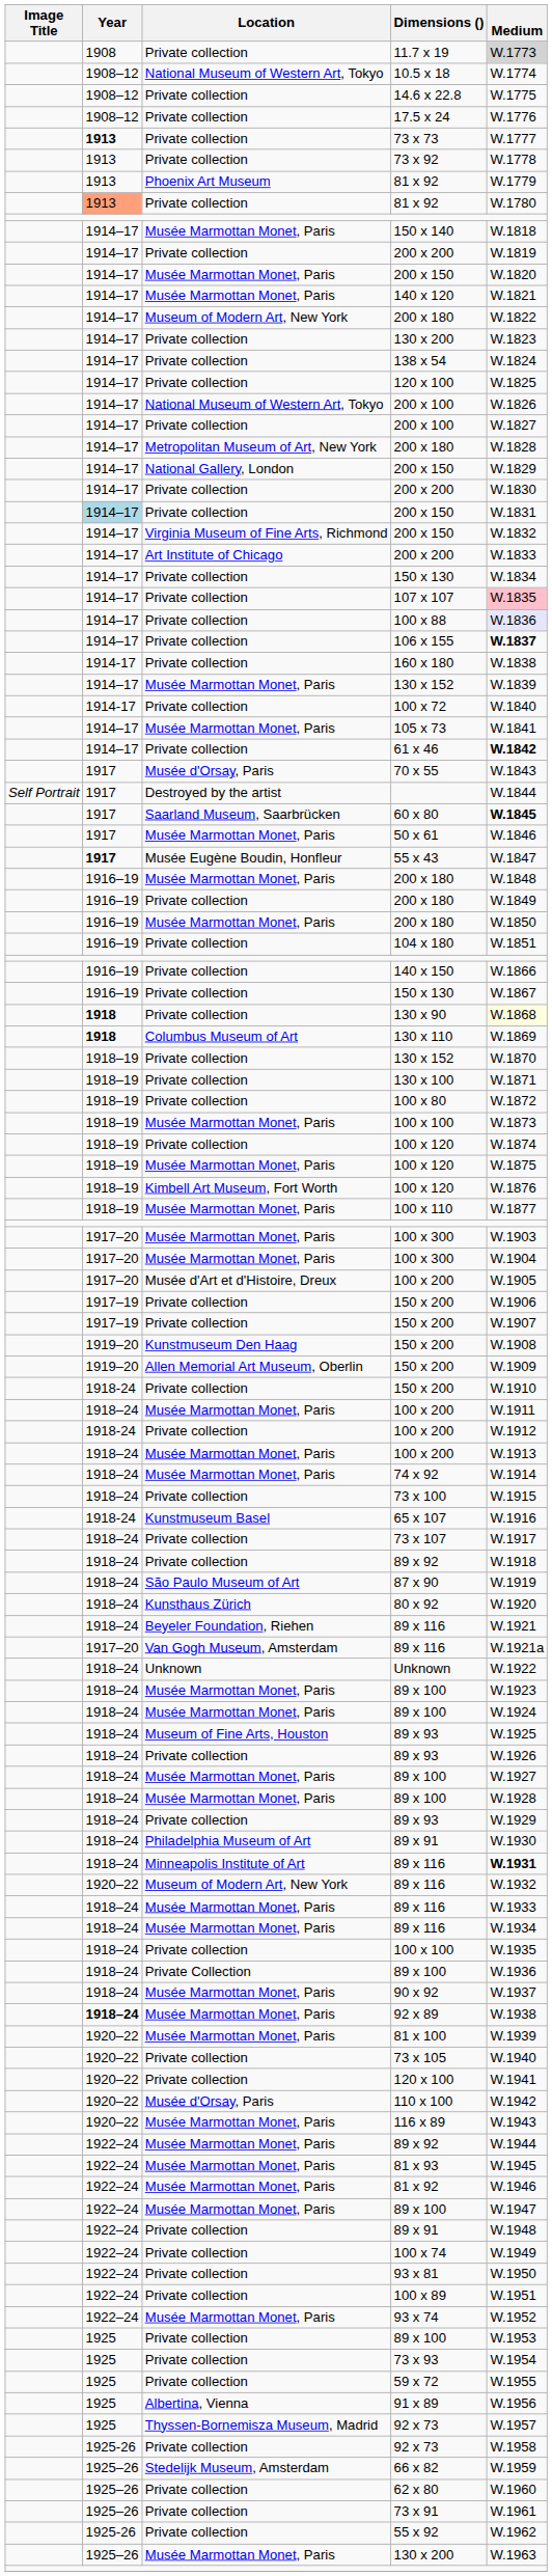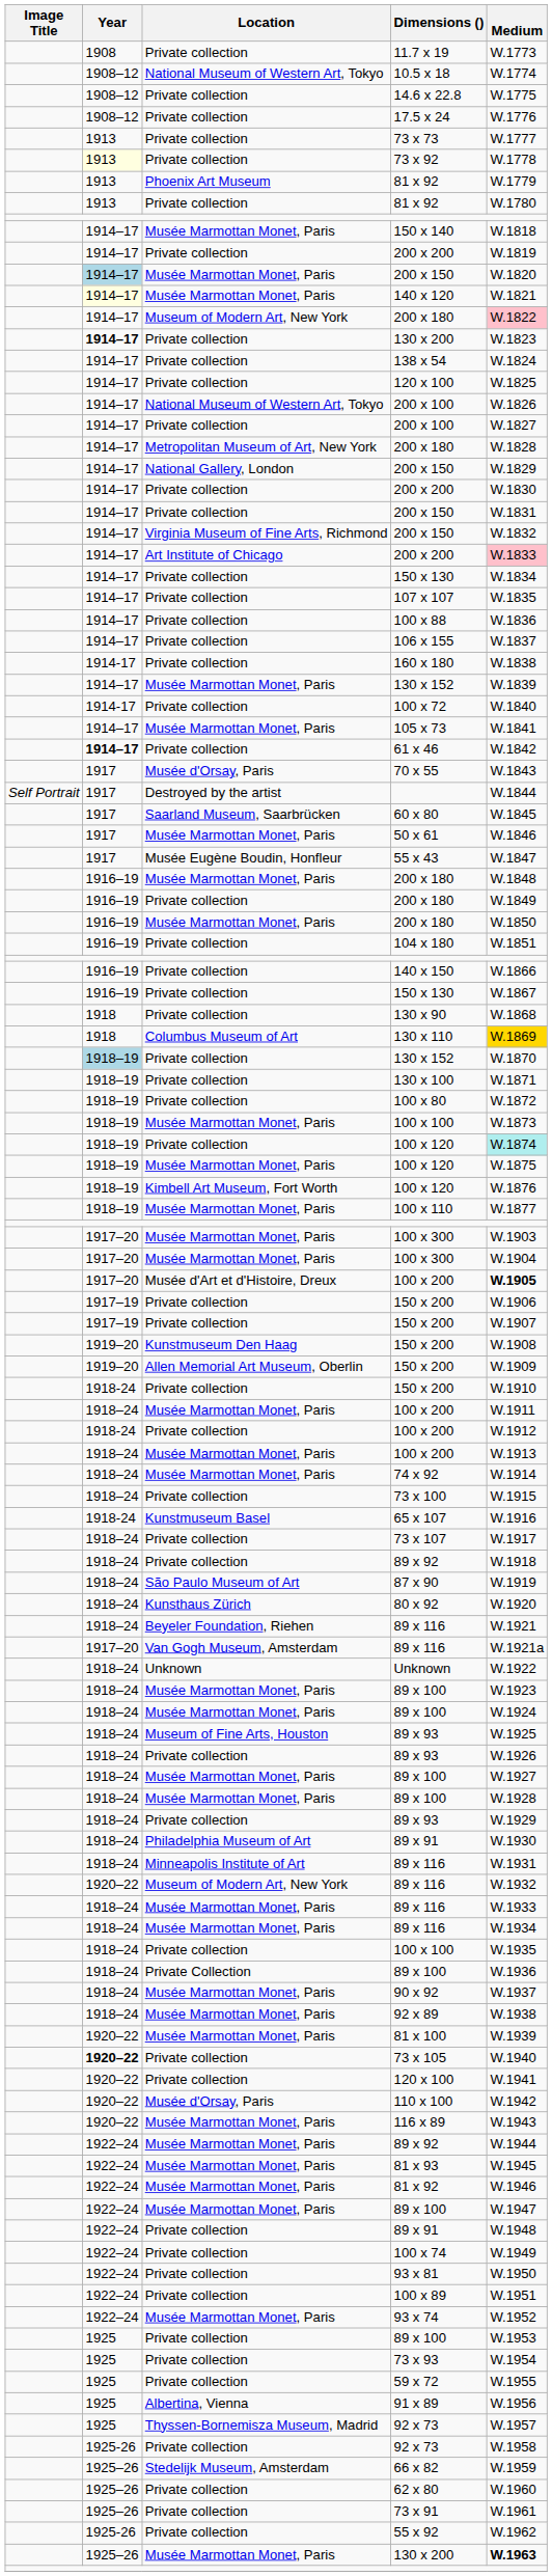 <table class="sortable wikitable" style="margin-left:0.5em; text-align:left">
 <tr>
 <th>Image<br>Title</th>
 <th>Year</th>
 <th>Location</th>
 <th>Dimensions ()</th>
 <th><br>Medium</th>
 </tr>
 <tr>
 <td></td>
 <td>1908</td>
 <td>Private collection</td>
 <td>11.7 x 19</td>
-<td style="background: lightgrey;">W.1773</td>
+<td>W.1773</td>
 </tr>
 <tr>
 <td></td>
 <td>1908–12</td>
 <td><a href='#'>National Museum of Western Art</a>, Tokyo</td>
 <td>10.5 x 18</td>
 <td>W.1774</td>
 </tr>
 <tr>
 <td></td>
 <td>1908–12</td>
 <td>Private collection</td>
 <td>14.6 x 22.8</td>
 <td>W.1775</td>
 </tr>
 <tr>
 <td></td>
 <td>1908–12</td>
 <td>Private collection</td>
 <td>17.5 x 24</td>
 <td>W.1776</td>
 </tr>
 <tr>
 <td></td>
-<td><strong>1913</strong></td>
+<td>1913</td>
 <td>Private collection</td>
 <td>73 x 73</td>
 <td>W.1777</td>
 </tr>
 <tr>
 <td></td>
-<td>1913</td>
+<td style="background: lightyellow;">1913</td>
 <td>Private collection</td>
 <td>73 x 92</td>
 <td>W.1778</td>
 </tr>
 <tr>
 <td></td>
 <td>1913</td>
 <td><a href='#'>Phoenix Art Museum</a></td>
 <td>81 x 92</td>
 <td>W.1779</td>
 </tr>
 <tr>
 <td></td>
-<td style="background: lightsalmon;">1913</td>
+<td>1913</td>
 <td>Private collection</td>
 <td>81 x 92</td>
 <td>W.1780</td>
 </tr>
 <tr>
 <td colspan="6"></td>
 </tr>
 <tr>
 <td></td>
 <td>1914–17</td>
 <td><a href='#'>Musée Marmottan Monet</a>, Paris</td>
 <td>150 x 140</td>
 <td>W.1818</td>
 </tr>
 <tr>
 <td></td>
 <td>1914–17</td>
 <td>Private collection</td>
 <td>200 x 200</td>
 <td>W.1819</td>
 </tr>
 <tr>
 <td></td>
-<td>1914–17</td>
+<td style="background: lightblue;">1914–17</td>
 <td><a href='#'>Musée Marmottan Monet</a>, Paris</td>
 <td>200 x 150</td>
 <td>W.1820</td>
 </tr>
 <tr>
 <td></td>
-<td>1914–17</td>
+<td style="background: lightyellow;">1914–17</td>
 <td><a href='#'>Musée Marmottan Monet</a>, Paris</td>
 <td>140 x 120</td>
 <td>W.1821</td>
 </tr>
 <tr>
 <td></td>
 <td>1914–17</td>
 <td><a href='#'>Museum of Modern Art</a>, New York</td>
 <td>200 x 180</td>
-<td>W.1822</td>
+<td style="background: pink;">W.1822</td>
 </tr>
 <tr>
 <td></td>
-<td>1914–17</td>
+<td><strong>1914–17</strong></td>
 <td>Private collection</td>
 <td>130 x 200</td>
 <td>W.1823</td>
 </tr>
 <tr>
 <td></td>
 <td>1914–17</td>
 <td>Private collection</td>
 <td>138 x 54</td>
 <td>W.1824</td>
 </tr>
 <tr>
 <td></td>
 <td>1914–17</td>
 <td>Private collection</td>
 <td>120 x 100</td>
 <td>W.1825</td>
 </tr>
 <tr>
 <td></td>
 <td>1914–17</td>
 <td><a href='#'>National Museum of Western Art</a>, Tokyo</td>
 <td>200 x 100</td>
 <td>W.1826</td>
 </tr>
 <tr>
 <td></td>
 <td>1914–17</td>
 <td>Private collection</td>
 <td>200 x 100</td>
 <td>W.1827</td>
 </tr>
 <tr>
 <td></td>
 <td>1914–17</td>
 <td><a href='#'>Metropolitan Museum of Art</a>, New York</td>
 <td>200 x 180</td>
 <td>W.1828</td>
 </tr>
 <tr>
 <td></td>
 <td>1914–17</td>
 <td><a href='#'>National Gallery</a>, London</td>
 <td>200 x 150</td>
 <td>W.1829</td>
 </tr>
 <tr>
 <td></td>
 <td>1914–17</td>
 <td>Private collection</td>
 <td>200 x 200</td>
 <td>W.1830</td>
 </tr>
 <tr>
 <td></td>
-<td style="background: lightblue;">1914–17</td>
+<td>1914–17</td>
 <td>Private collection</td>
 <td>200 x 150</td>
 <td>W.1831</td>
 </tr>
 <tr>
 <td></td>
 <td>1914–17</td>
 <td><a href='#'>Virginia Museum of Fine Arts</a>, Richmond</td>
 <td>200 x 150</td>
 <td>W.1832</td>
 </tr>
 <tr>
 <td></td>
 <td>1914–17</td>
 <td><a href='#'>Art Institute of Chicago</a></td>
 <td>200 x 200</td>
-<td>W.1833</td>
+<td style="background: pink;">W.1833</td>
 </tr>
 <tr>
 <td></td>
 <td>1914–17</td>
 <td>Private collection</td>
 <td>150 x 130</td>
 <td>W.1834</td>
 </tr>
 <tr>
 <td></td>
 <td>1914–17</td>
 <td>Private collection</td>
 <td>107 x 107</td>
-<td style="background: pink;">W.1835</td>
+<td>W.1835</td>
 </tr>
 <tr>
 <td></td>
 <td>1914–17</td>
 <td>Private collection</td>
 <td>100 x 88</td>
-<td style="background: lavender;">W.1836</td>
+<td>W.1836</td>
 </tr>
 <tr>
 <td></td>
 <td>1914–17</td>
 <td>Private collection</td>
 <td>106 x 155</td>
-<td><strong>W.1837</strong></td>
+<td>W.1837</td>
 </tr>
 <tr>
 <td></td>
 <td>1914-17</td>
 <td>Private collection</td>
 <td>160 x 180</td>
 <td>W.1838</td>
 </tr>
 <tr>
 <td></td>
 <td>1914–17</td>
 <td><a href='#'>Musée Marmottan Monet</a>, Paris</td>
 <td>130 x 152</td>
 <td>W.1839</td>
 </tr>
 <tr>
 <td></td>
 <td>1914-17</td>
 <td>Private collection</td>
 <td>100 x 72</td>
 <td>W.1840</td>
 </tr>
 <tr>
 <td></td>
 <td>1914–17</td>
 <td><a href='#'>Musée Marmottan Monet</a>, Paris</td>
 <td>105 x 73</td>
 <td>W.1841</td>
 </tr>
 <tr>
 <td></td>
-<td>1914–17</td>
+<td><strong>1914–17</strong></td>
 <td>Private collection</td>
 <td>61 x 46</td>
-<td><strong>W.1842</strong></td>
+<td>W.1842</td>
 </tr>
 <tr>
 <td></td>
 <td>1917</td>
 <td><a href='#'>Musée d'Orsay</a>, Paris</td>
 <td>70 x 55</td>
 <td>W.1843</td>
 </tr>
 <tr>
 <td><em>Self Portrait</em></td>
 <td>1917</td>
 <td>Destroyed by the artist</td>
 <td></td>
 <td>W.1844</td>
 </tr>
 <tr>
 <td></td>
 <td>1917</td>
 <td><a href='#'>Saarland Museum</a>, Saarbrücken</td>
 <td>60 x 80</td>
-<td><strong>W.1845</strong></td>
+<td>W.1845</td>
 </tr>
 <tr>
 <td></td>
 <td>1917</td>
 <td><a href='#'>Musée Marmottan Monet</a>, Paris</td>
 <td>50 x 61</td>
 <td>W.1846</td>
 </tr>
 <tr>
 <td></td>
-<td><strong>1917</strong></td>
+<td>1917</td>
 <td>Musée Eugène Boudin, Honfleur</td>
 <td>55 x 43</td>
 <td>W.1847</td>
 </tr>
 <tr>
 <td></td>
 <td>1916–19</td>
 <td><a href='#'>Musée Marmottan Monet</a>, Paris</td>
 <td>200 x 180</td>
 <td>W.1848</td>
 </tr>
 <tr>
 <td></td>
 <td>1916–19</td>
 <td>Private collection</td>
 <td>200 x 180</td>
 <td>W.1849</td>
 </tr>
 <tr>
 <td></td>
 <td>1916–19</td>
 <td><a href='#'>Musée Marmottan Monet</a>, Paris</td>
 <td>200 x 180</td>
 <td>W.1850</td>
 </tr>
 <tr>
 <td></td>
 <td>1916–19</td>
 <td>Private collection</td>
 <td>104 x 180</td>
 <td>W.1851</td>
 </tr>
 <tr>
 <td colspan="6"></td>
 </tr>
 <tr>
 <td></td>
 <td>1916–19</td>
 <td>Private collection</td>
 <td>140 x 150</td>
 <td>W.1866</td>
 </tr>
 <tr>
 <td></td>
 <td>1916–19</td>
 <td>Private collection</td>
 <td>150 x 130</td>
 <td>W.1867</td>
 </tr>
 <tr>
 <td></td>
-<td><strong>1918</strong></td>
+<td>1918</td>
 <td>Private collection</td>
 <td>130 x 90</td>
-<td style="background: lightyellow;">W.1868</td>
+<td>W.1868</td>
 </tr>
 <tr>
 <td></td>
-<td><strong>1918</strong></td>
+<td>1918</td>
 <td><a href='#'>Columbus Museum of Art</a></td>
 <td>130 x 110</td>
-<td>W.1869</td>
+<td style="background: gold;">W.1869</td>
 </tr>
 <tr>
 <td></td>
-<td>1918–19</td>
+<td style="background: lightblue;">1918–19</td>
 <td>Private collection</td>
 <td>130 x 152</td>
 <td>W.1870</td>
 </tr>
 <tr>
 <td></td>
 <td>1918–19</td>
 <td>Private collection</td>
 <td>130 x 100</td>
 <td>W.1871</td>
 </tr>
 <tr>
 <td></td>
 <td>1918–19</td>
 <td>Private collection</td>
 <td>100 x 80</td>
 <td>W.1872</td>
 </tr>
 <tr>
 <td></td>
 <td>1918–19</td>
 <td><a href='#'>Musée Marmottan Monet</a>, Paris</td>
 <td>100 x 100</td>
 <td>W.1873</td>
 </tr>
 <tr>
 <td></td>
 <td>1918–19</td>
 <td>Private collection</td>
 <td>100 x 120</td>
-<td>W.1874</td>
+<td style="background: paleturquoise;">W.1874</td>
 </tr>
 <tr>
 <td></td>
 <td>1918–19</td>
 <td><a href='#'>Musée Marmottan Monet</a>, Paris</td>
 <td>100 x 120</td>
 <td>W.1875</td>
 </tr>
 <tr>
 <td></td>
 <td>1918–19</td>
 <td><a href='#'>Kimbell Art Museum</a>, Fort Worth</td>
 <td>100 x 120</td>
 <td>W.1876</td>
 </tr>
 <tr>
 <td></td>
 <td>1918–19</td>
 <td><a href='#'>Musée Marmottan Monet</a>, Paris</td>
 <td>100 x 110</td>
 <td>W.1877</td>
 </tr>
 <tr>
 <td colspan="6"></td>
 </tr>
 <tr>
 <td></td>
 <td>1917–20</td>
 <td><a href='#'>Musée Marmottan Monet</a>, Paris</td>
 <td>100 x 300</td>
 <td>W.1903</td>
 </tr>
 <tr>
 <td></td>
 <td>1917–20</td>
 <td><a href='#'>Musée Marmottan Monet</a>, Paris</td>
 <td>100 x 300</td>
 <td>W.1904</td>
 </tr>
 <tr>
 <td></td>
 <td>1917–20</td>
 <td>Musée d'Art et d'Histoire, Dreux</td>
 <td>100 x 200</td>
-<td>W.1905</td>
+<td><strong>W.1905</strong></td>
 </tr>
 <tr>
 <td></td>
 <td>1917–19</td>
 <td>Private collection</td>
 <td>150 x 200</td>
 <td>W.1906</td>
 </tr>
 <tr>
 <td></td>
 <td>1917–19</td>
 <td>Private collection</td>
 <td>150 x 200</td>
 <td>W.1907</td>
 </tr>
 <tr>
 <td></td>
 <td>1919–20</td>
 <td><a href='#'>Kunstmuseum Den Haag</a></td>
 <td>150 x 200</td>
 <td>W.1908</td>
 </tr>
 <tr>
 <td></td>
 <td>1919–20</td>
 <td><a href='#'>Allen Memorial Art Museum</a>, Oberlin</td>
 <td>150 x 200</td>
 <td>W.1909</td>
 </tr>
 <tr>
 <td></td>
 <td>1918-24</td>
 <td>Private collection</td>
 <td>150 x 200</td>
 <td>W.1910</td>
 </tr>
 <tr>
 <td></td>
 <td>1918–24</td>
 <td><a href='#'>Musée Marmottan Monet</a>, Paris</td>
 <td>100 x 200</td>
 <td>W.1911</td>
 </tr>
 <tr>
 <td></td>
 <td>1918-24</td>
 <td>Private collection</td>
 <td>100 x 200</td>
 <td>W.1912</td>
 </tr>
 <tr>
 <td></td>
 <td>1918–24</td>
 <td><a href='#'>Musée Marmottan Monet</a>, Paris</td>
 <td>100 x 200</td>
 <td>W.1913</td>
 </tr>
 <tr>
 <td></td>
 <td>1918–24</td>
 <td><a href='#'>Musée Marmottan Monet</a>, Paris</td>
 <td>74 x 92</td>
 <td>W.1914</td>
 </tr>
 <tr>
 <td></td>
 <td>1918–24</td>
 <td>Private collection</td>
 <td>73 x 100</td>
 <td>W.1915</td>
 </tr>
 <tr>
 <td></td>
 <td>1918-24</td>
 <td><a href='#'>Kunstmuseum Basel</a></td>
 <td>65 x 107</td>
 <td>W.1916</td>
 </tr>
 <tr>
 <td></td>
 <td>1918–24</td>
 <td>Private collection</td>
 <td>73 x 107</td>
 <td>W.1917</td>
 </tr>
 <tr>
 <td></td>
 <td>1918–24</td>
 <td>Private collection</td>
 <td>89 x 92</td>
 <td>W.1918</td>
 </tr>
 <tr>
 <td></td>
 <td>1918–24</td>
 <td><a href='#'>São Paulo Museum of Art</a></td>
 <td>87 x 90</td>
 <td>W.1919</td>
 </tr>
 <tr>
 <td></td>
 <td>1918–24</td>
 <td><a href='#'>Kunsthaus Zürich</a></td>
 <td>80 x 92</td>
 <td>W.1920</td>
 </tr>
 <tr>
 <td></td>
 <td>1918–24</td>
 <td><a href='#'>Beyeler Foundation</a>, Riehen</td>
 <td>89 x 116</td>
 <td>W.1921</td>
 </tr>
 <tr>
 <td></td>
 <td>1917–20</td>
 <td><a href='#'>Van Gogh Museum</a>, Amsterdam</td>
 <td>89 x 116</td>
 <td>W.1921a</td>
 </tr>
 <tr>
 <td></td>
 <td>1918–24</td>
 <td>Unknown</td>
 <td>Unknown</td>
 <td>W.1922</td>
 </tr>
 <tr>
 <td></td>
 <td>1918–24</td>
 <td><a href='#'>Musée Marmottan Monet</a>, Paris</td>
 <td>89 x 100</td>
 <td>W.1923</td>
 </tr>
 <tr>
 <td></td>
 <td>1918–24</td>
 <td><a href='#'>Musée Marmottan Monet</a>, Paris</td>
 <td>89 x 100</td>
 <td>W.1924</td>
 </tr>
 <tr>
 <td></td>
 <td>1918–24</td>
 <td><a href='#'>Museum of Fine Arts, Houston</a></td>
 <td>89 x 93</td>
 <td>W.1925</td>
 </tr>
 <tr>
 <td></td>
 <td>1918–24</td>
 <td>Private collection</td>
 <td>89 x 93</td>
 <td>W.1926</td>
 </tr>
 <tr>
 <td></td>
 <td>1918–24</td>
 <td><a href='#'>Musée Marmottan Monet</a>, Paris</td>
 <td>89 x 100</td>
 <td>W.1927</td>
 </tr>
 <tr>
 <td></td>
 <td>1918–24</td>
 <td><a href='#'>Musée Marmottan Monet</a>, Paris</td>
 <td>89 x 100</td>
 <td>W.1928</td>
 </tr>
 <tr>
 <td></td>
 <td>1918–24</td>
 <td>Private collection</td>
 <td>89 x 93</td>
 <td>W.1929</td>
 </tr>
 <tr>
 <td></td>
 <td>1918–24</td>
 <td><a href='#'>Philadelphia Museum of Art</a></td>
 <td>89 x 91</td>
 <td>W.1930</td>
 </tr>
 <tr>
 <td></td>
 <td>1918–24</td>
 <td><a href='#'>Minneapolis Institute of Art</a></td>
 <td>89 x 116</td>
-<td><strong>W.1931</strong></td>
+<td>W.1931</td>
 </tr>
 <tr>
 <td></td>
 <td>1920–22</td>
 <td><a href='#'>Museum of Modern Art</a>, New York</td>
 <td>89 x 116</td>
 <td>W.1932</td>
 </tr>
 <tr>
 <td></td>
 <td>1918–24</td>
 <td><a href='#'>Musée Marmottan Monet</a>, Paris</td>
 <td>89 x 116</td>
 <td>W.1933</td>
 </tr>
 <tr>
 <td></td>
 <td>1918–24</td>
 <td><a href='#'>Musée Marmottan Monet</a>, Paris</td>
 <td>89 x 116</td>
 <td>W.1934</td>
 </tr>
 <tr>
 <td></td>
 <td>1918–24</td>
 <td>Private collection</td>
 <td>100 x 100</td>
 <td>W.1935</td>
 </tr>
 <tr>
 <td></td>
 <td>1918–24</td>
 <td>Private Collection</td>
 <td>89 x 100</td>
 <td>W.1936</td>
 </tr>
 <tr>
 <td></td>
 <td>1918–24</td>
 <td><a href='#'>Musée Marmottan Monet</a>, Paris</td>
 <td>90 x 92</td>
 <td>W.1937</td>
 </tr>
 <tr>
 <td></td>
-<td><strong>1918–24</strong></td>
+<td>1918–24</td>
 <td><a href='#'>Musée Marmottan Monet</a>, Paris</td>
 <td>92 x 89</td>
 <td>W.1938</td>
 </tr>
 <tr>
 <td></td>
 <td>1920–22</td>
 <td><a href='#'>Musée Marmottan Monet</a>, Paris</td>
 <td>81 x 100</td>
 <td>W.1939</td>
 </tr>
 <tr>
 <td></td>
-<td>1920–22</td>
+<td><strong>1920–22</strong></td>
 <td>Private collection</td>
 <td>73 x 105</td>
 <td>W.1940</td>
 </tr>
 <tr>
 <td></td>
 <td>1920–22</td>
 <td>Private collection</td>
 <td>120 x 100</td>
 <td>W.1941</td>
 </tr>
 <tr>
 <td></td>
 <td>1920–22</td>
 <td><a href='#'>Musée d'Orsay</a>, Paris</td>
 <td>110 x 100</td>
 <td>W.1942</td>
 </tr>
 <tr>
 <td></td>
 <td>1920–22</td>
 <td><a href='#'>Musée Marmottan Monet</a>, Paris</td>
 <td>116 x 89</td>
 <td>W.1943</td>
 </tr>
 <tr>
 <td></td>
 <td>1922–24</td>
 <td><a href='#'>Musée Marmottan Monet</a>, Paris</td>
 <td>89 x 92</td>
 <td>W.1944</td>
 </tr>
 <tr>
 <td></td>
 <td>1922–24</td>
 <td><a href='#'>Musée Marmottan Monet</a>, Paris</td>
 <td>81 x 93</td>
 <td>W.1945</td>
 </tr>
 <tr>
 <td></td>
 <td>1922–24</td>
 <td><a href='#'>Musée Marmottan Monet</a>, Paris</td>
 <td>81 x 92</td>
 <td>W.1946</td>
 </tr>
 <tr>
 <td></td>
 <td>1922–24</td>
 <td><a href='#'>Musée Marmottan Monet</a>, Paris</td>
 <td>89 x 100</td>
 <td>W.1947</td>
 </tr>
 <tr>
 <td></td>
 <td>1922–24</td>
 <td>Private collection</td>
 <td>89 x 91</td>
 <td>W.1948</td>
 </tr>
 <tr>
 <td></td>
 <td>1922–24</td>
 <td>Private collection</td>
 <td>100 x 74</td>
 <td>W.1949</td>
 </tr>
 <tr>
 <td></td>
 <td>1922–24</td>
 <td>Private collection</td>
 <td>93 x 81</td>
 <td>W.1950</td>
 </tr>
 <tr>
 <td></td>
 <td>1922–24</td>
 <td>Private collection</td>
 <td>100 x 89</td>
 <td>W.1951</td>
 </tr>
 <tr>
 <td></td>
 <td>1922–24</td>
 <td><a href='#'>Musée Marmottan Monet</a>, Paris</td>
 <td>93 x 74</td>
 <td>W.1952</td>
 </tr>
 <tr>
 <td></td>
 <td>1925</td>
 <td>Private collection</td>
 <td>89 x 100</td>
 <td>W.1953</td>
 </tr>
 <tr>
 <td></td>
 <td>1925</td>
 <td>Private collection</td>
 <td>73 x 93</td>
 <td>W.1954</td>
 </tr>
 <tr>
 <td></td>
 <td>1925</td>
 <td>Private collection</td>
 <td>59 x 72</td>
 <td>W.1955</td>
 </tr>
 <tr>
 <td></td>
 <td>1925</td>
 <td><a href='#'>Albertina</a>, Vienna</td>
 <td>91 x 89</td>
 <td>W.1956</td>
 </tr>
 <tr>
 <td></td>
 <td>1925</td>
 <td><a href='#'>Thyssen-Bornemisza Museum</a>, Madrid</td>
 <td>92 x 73</td>
 <td>W.1957</td>
 </tr>
 <tr>
 <td></td>
 <td>1925-26</td>
 <td>Private collection</td>
 <td>92 x 73</td>
 <td>W.1958</td>
 </tr>
 <tr>
 <td></td>
 <td>1925–26</td>
 <td><a href='#'>Stedelijk Museum</a>, Amsterdam</td>
 <td>66 x 82</td>
 <td>W.1959</td>
 </tr>
 <tr>
 <td></td>
 <td>1925–26</td>
 <td>Private collection</td>
 <td>62 x 80</td>
 <td>W.1960</td>
 </tr>
 <tr>
 <td></td>
 <td>1925–26</td>
 <td>Private collection</td>
 <td>73 x 91</td>
 <td>W.1961</td>
 </tr>
 <tr>
 <td></td>
 <td>1925-26</td>
 <td>Private collection</td>
 <td>55 x 92</td>
 <td>W.1962</td>
 </tr>
 <tr>
 <td></td>
 <td>1925–26</td>
 <td><a href='#'>Musée Marmottan Monet</a>, Paris</td>
 <td>130 x 200</td>
-<td>W.1963</td>
+<td><strong>W.1963</strong></td>
 </tr>
 <tr>
 <td colspan="6"></td>
 </tr>
 <tr>
 </tr>
 </table>
